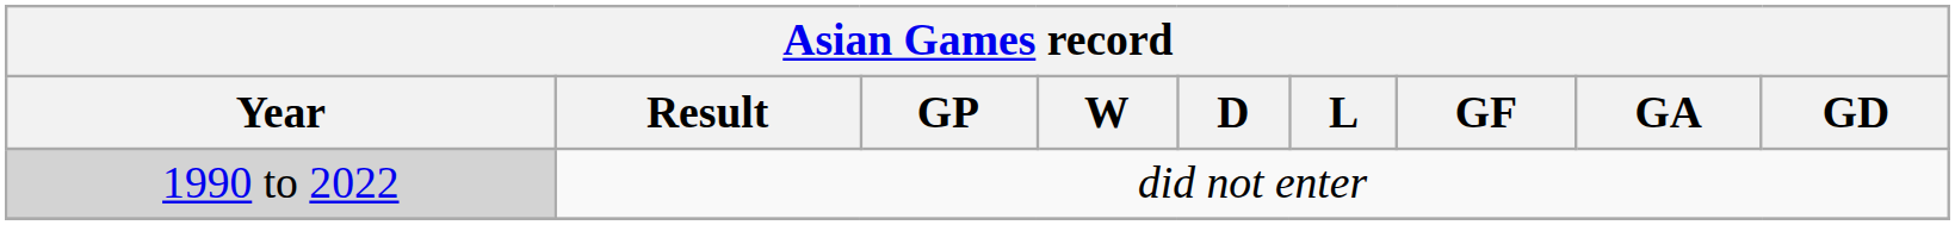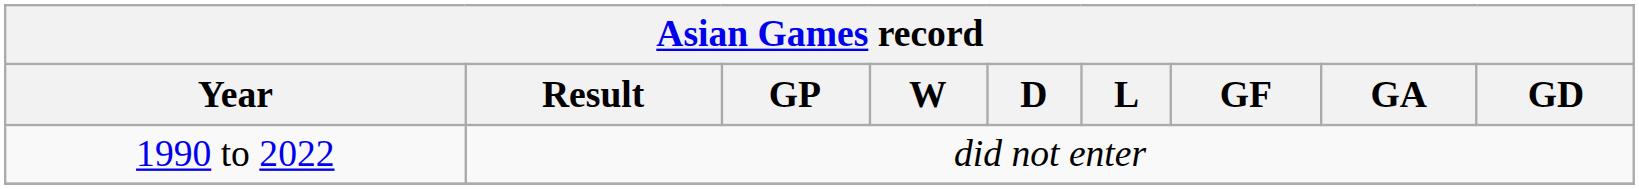 <table class="wikitable" style="text-align: center; width:35%;">
 <tr>
 <th colspan=10><a href='#'>Asian Games</a> record</th>
 </tr>
 <tr>
 <th>Year</th>
 <th>Result</th>
 <th>GP</th>
 <th>W</th>
 <th>D</th>
 <th>L</th>
 <th>GF</th>
 <th>GA</th>
 <th>GD</th>
 </tr>
 <tr>
-<td style="background: lightgrey;"><a href='#'>1990</a> to <a href='#'>2022</a></td>
+<td><a href='#'>1990</a> to <a href='#'>2022</a></td>
 <td rowspan=1 colspan=8><em>did not enter</em></td>
 </tr>
 <tr>
 </tr>
 </table>
